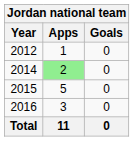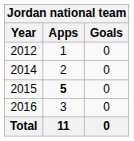 <table class="wikitable" style="text-align:center">
 <tr>
 <th colspan=3>Jordan national team</th>
 </tr>
 <tr>
 <th>Year</th>
 <th>Apps</th>
 <th>Goals</th>
 </tr>
 <tr>
 <td>2012</td>
 <td>1</td>
 <td>0</td>
 </tr>
 <tr>
 <td>2014</td>
-<td style="background: lightgreen;">2</td>
+<td>2</td>
 <td>0</td>
 </tr>
 <tr>
 <td>2015</td>
-<td>5</td>
+<td><strong>5</strong></td>
 <td>0</td>
 </tr>
 <tr>
 <td>2016</td>
 <td>3</td>
 <td>0</td>
 </tr>
 <tr>
 <th>Total</th>
 <th>11</th>
 <th>0</th>
 </tr>
 </table>
